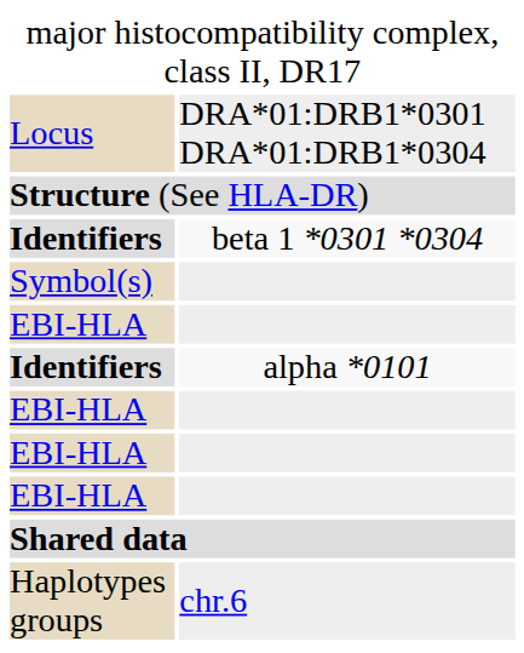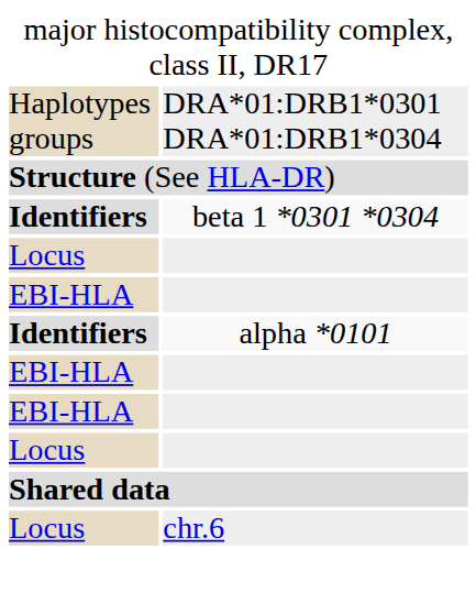 <table id="drugInfoBox" style="float: right; clear: right; margin: 0 0 0.5em 1em; background: #ffffff;" class="toccolours" border=0 cellpadding=0 align=right width="240px">
 <tr>
 <td align="center" colspan="2"></td>
 </tr>
 <tr>
 <td align="center" colspan="2"><div>major histocompatibility complex, class II, DR17</div></td>
 </tr>
 <tr>
-<td bgcolor="#e7dcc3"><a href='#'>Locus</a></td>
+<td bgcolor="#e7dcc3">Haplotypes groups</td>
 <td bgcolor="#eeeeee">DRA*01:DRB1*0301 DRA*01:DRB1*0304</td>
 </tr>
 <tr>
 <td colspan="2" bgcolor="#dddddd"><strong>Structure</strong> (See <a href='#'>HLA-DR</a>)</td>
 </tr>
 <tr style="background:#f8f8f8">
 <td bgcolor="#dddddd"><strong>Identifiers</strong></td>
 <td align="center"><div>beta 1 <em>*0301</em> <em>*0304</em> </div></td>
 </tr>
 <tr>
-<td bgcolor="#e7dcc3"><a href='#'>Symbol(s)</a></td>
+<td bgcolor="#e7dcc3"><a href='#'>Locus</a></td>
 <td bgcolor="#eeeeee"></td>
 </tr>
 <tr>
 <td bgcolor="#e7dcc3"><a href='#'>EBI-HLA</a></td>
 <td bgcolor="#eeeeee"></td>
 </tr>
 <tr style="background:#f8f8f8">
 <td bgcolor="#dddddd"><strong>Identifiers</strong></td>
 <td align="center"><div>alpha <em>*0101</em></div></td>
 </tr>
 <tr>
 <td bgcolor="#e7dcc3"><a href='#'>EBI-HLA</a></td>
 <td bgcolor="#eeeeee"></td>
 </tr>
 <tr>
 <td bgcolor="#e7dcc3"><a href='#'>EBI-HLA</a></td>
 <td bgcolor="#eeeeee"></td>
 </tr>
 <tr>
-<td bgcolor="#e7dcc3"><a href='#'>EBI-HLA</a></td>
+<td bgcolor="#e7dcc3"><a href='#'>Locus</a></td>
 <td bgcolor="#eeeeee"></td>
 </tr>
 <tr>
 <td colspan="2" bgcolor="#dddddd"><strong>Shared data</strong></td>
 </tr>
 <tr>
-<td bgcolor="#e7dcc3">Haplotypes groups</td>
+<td bgcolor="#e7dcc3"><a href='#'>Locus</a></td>
 <td bgcolor="#eeeeee"><a href='#'>chr.6</a> <em></em></td>
 </tr>
 <tr>
 </tr>
 </table>
